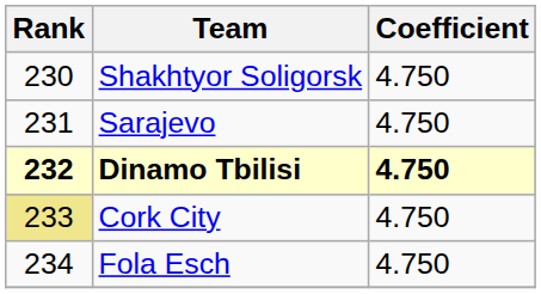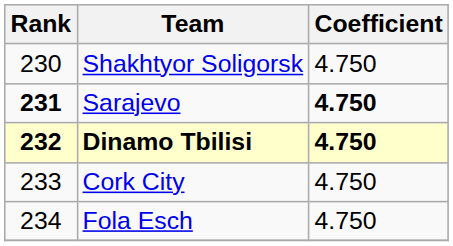 <table class="wikitable" style="text-align: center;">
 <tr>
 <th>Rank</th>
 <th>Team</th>
 <th>Coefficient</th>
 </tr>
 <tr>
 <td>230</td>
 <td align=left> <a href='#'>Shakhtyor Soligorsk</a></td>
 <td align=left>4.750</td>
 </tr>
 <tr>
-<td>231</td>
+<td><strong>231</strong></td>
 <td align=left> <a href='#'>Sarajevo</a></td>
-<td align=left>4.750</td>
+<td align=left><strong>4.750</strong></td>
 </tr>
 <tr style="background:#ffc;">
 <td><strong>232</strong></td>
 <td align=left> <strong>Dinamo Tbilisi</strong></td>
 <td align=left><strong>4.750</strong></td>
 </tr>
 <tr>
-<td style="background: khaki;">233</td>
+<td>233</td>
 <td align=left> <a href='#'>Cork City</a></td>
 <td align=left>4.750</td>
 </tr>
 <tr>
 <td>234</td>
 <td align=left> <a href='#'>Fola Esch</a></td>
 <td align=left>4.750</td>
 </tr>
 <tr>
 </tr>
 </table>
